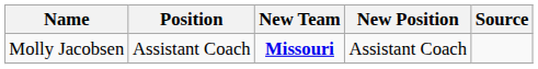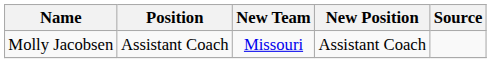 <table class="wikitable">
 <tr>
 <th style="text-align:center; ">Name</th>
 <th style="text-align:center; ">Position</th>
 <th style="text-align:center; ">New Team</th>
 <th style="text-align:center; ">New Position</th>
 <th style="text-align:center; ">Source</th>
 </tr>
 <tr align="center">
 <td>Molly Jacobsen</td>
 <td>Assistant Coach</td>
-<td><strong><a href='#'>Missouri</a></strong></td>
+<td><a href='#'>Missouri</a></td>
 <td>Assistant Coach</td>
 <td></td>
 </tr>
 <tr>
 </tr>
 </table>
